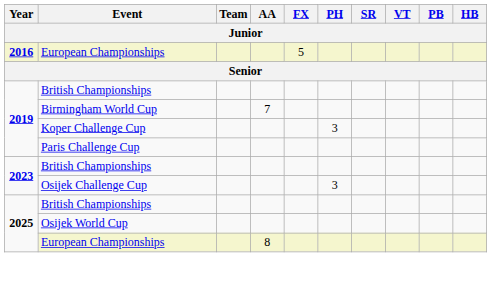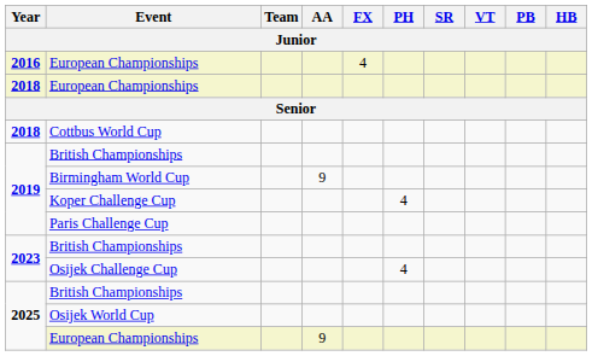 <table class="wikitable sortable" style="text-align:center;">
 <tr>
 <th class="unsortable" width="7%">Year</th>
 <th class="unsortable" width="37%">Event</th>
 <th class="unsortable" width="7%">Team</th>
 <th class="unsortable" width="7%">AA</th>
 <th class="unsortable" width="7%"><a href='#'>FX</a></th>
 <th class="unsortable" width="7%"><a href='#'>PH</a></th>
 <th class="unsortable" width="7%"><a href='#'>SR</a></th>
 <th class="unsortable" width="7%"><a href='#'>VT</a></th>
 <th class="unsortable" width="7%"><a href='#'>PB</a></th>
 <th class="unsortable" width="7%"><a href='#'>HB</a></th>
 </tr>
 <tr>
 <th colspan="10">Junior</th>
 </tr>
 <tr bgcolor="#F5F6CE">
 <td><a href='#'><strong>2016</strong></a></td>
 <td align="left"><a href='#'>European Championships</a></td>
 <td></td>
 <td></td>
-<td>5</td>
+<td>4</td>
+<td></td>
+<td></td>
+<td></td>
+<td></td>
+<td></td>
+</tr>
+<tr bgcolor="#F5F6CE">
+<td><strong><a href='#'>2018</a></strong></td>
+<td align="left"><a href='#'>European Championships</a></td>
+<td></td>
+<td></td>
+<td></td>
 <td></td>
 <td></td>
 <td></td>
 <td></td>
 <td></td>
 </tr>
 <tr>
 <th colspan="10">Senior</th>
+</tr>
+<tr>
+<td><strong><a href='#'>2018</a></strong></td>
+<td align="left"><a href='#'>Cottbus World Cup</a></td>
+<td></td>
+<td></td>
+<td></td>
+<td></td>
+<td></td>
+<td></td>
+<td></td>
+<td></td>
 </tr>
 <tr>
 <td rowspan="4"><a href='#'><strong>2019</strong></a></td>
 <td align="left"><a href='#'>British Championships</a></td>
 <td></td>
 <td></td>
 <td></td>
 <td></td>
 <td></td>
 <td></td>
 <td></td>
 <td></td>
 </tr>
 <tr>
 <td align="left"><a href='#'>Birmingham World Cup</a></td>
 <td></td>
-<td>7</td>
+<td>9</td>
 <td></td>
 <td></td>
 <td></td>
 <td></td>
 <td></td>
 <td></td>
 </tr>
 <tr>
 <td align="left"><a href='#'>Koper Challenge Cup</a></td>
 <td></td>
 <td></td>
 <td></td>
-<td>3</td>
+<td>4</td>
 <td></td>
 <td></td>
 <td></td>
 <td></td>
 </tr>
 <tr>
 <td align="left"><a href='#'>Paris Challenge Cup</a></td>
 <td></td>
 <td></td>
 <td></td>
 <td></td>
 <td></td>
 <td></td>
 <td></td>
 <td></td>
 </tr>
 <tr>
 <td rowspan="2"><strong><a href='#'>2023</a></strong></td>
 <td align="left"><a href='#'>British Championships</a></td>
 <td></td>
 <td></td>
 <td></td>
 <td></td>
 <td></td>
 <td></td>
 <td></td>
 <td></td>
 </tr>
 <tr>
 <td align="left"><a href='#'>Osijek Challenge Cup</a></td>
 <td></td>
 <td></td>
 <td></td>
-<td>3</td>
+<td>4</td>
 <td></td>
 <td></td>
 <td></td>
 <td></td>
 </tr>
 <tr>
 <td rowspan="3"><strong>2025</strong></td>
 <td align="left"><a href='#'>British Championships</a></td>
 <td></td>
 <td></td>
 <td></td>
 <td></td>
 <td></td>
 <td></td>
 <td></td>
 <td></td>
 </tr>
 <tr>
 <td align="left"><a href='#'>Osijek World Cup</a></td>
 <td></td>
 <td></td>
 <td></td>
 <td></td>
 <td></td>
 <td></td>
 <td></td>
 <td></td>
 </tr>
 <tr bgcolor="#F5F6CE">
 <td align="left"><a href='#'>European Championships</a></td>
 <td></td>
-<td>8</td>
+<td>9</td>
 <td></td>
 <td></td>
 <td></td>
 <td></td>
 <td></td>
 <td></td>
 </tr>
 </table>
